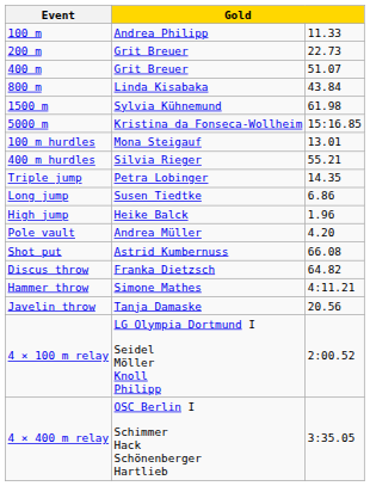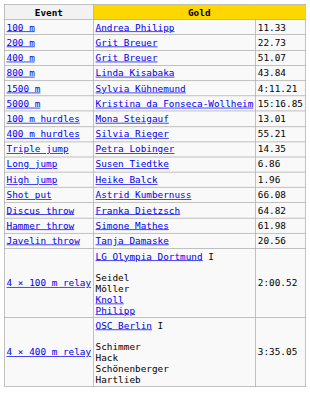 <table class="wikitable">
 <tr>
 <th>Event</th>
 <th style="background:gold;" colspan=2>Gold</th>
 </tr>
 <tr>
 <td><a href='#'>100 m</a></td>
 <td><a href='#'>Andrea Philipp</a></td>
 <td>11.33</td>
 </tr>
 <tr>
 <td><a href='#'>200 m</a></td>
 <td><a href='#'>Grit Breuer</a></td>
 <td>22.73 </td>
 </tr>
 <tr>
 <td><a href='#'>400 m</a></td>
 <td><a href='#'>Grit Breuer</a></td>
 <td>51.07</td>
 </tr>
 <tr>
 <td><a href='#'>800 m</a></td>
 <td><a href='#'>Linda Kisabaka</a></td>
 <td>43.84</td>
 </tr>
 <tr>
 <td><a href='#'>1500 m</a></td>
 <td><a href='#'>Sylvia Kühnemund</a></td>
-<td>61.98</td>
+<td>4:11.21</td>
 </tr>
 <tr>
 <td><a href='#'>5000 m</a></td>
 <td><a href='#'>Kristina da Fonseca-Wollheim</a></td>
 <td>15:16.85</td>
 </tr>
 <tr>
 <td><a href='#'>100 m hurdles</a></td>
 <td><a href='#'>Mona Steigauf</a></td>
 <td>13.01 </td>
 </tr>
 <tr>
 <td><a href='#'>400 m hurdles</a></td>
 <td><a href='#'>Silvia Rieger</a></td>
 <td>55.21</td>
 </tr>
 <tr>
 <td><a href='#'>Triple jump</a></td>
 <td><a href='#'>Petra Lobinger</a></td>
 <td>14.35 </td>
 </tr>
 <tr>
 <td><a href='#'>Long jump</a></td>
 <td><a href='#'>Susen Tiedtke</a></td>
 <td>6.86 </td>
 </tr>
 <tr>
 <td><a href='#'>High jump</a></td>
 <td><a href='#'>Heike Balck</a></td>
 <td>1.96</td>
 </tr>
 <tr>
-<td><a href='#'>Pole vault</a></td>
-<td><a href='#'>Andrea Müller</a></td>
-<td>4.20 </td>
-</tr>
-<tr>
 <td><a href='#'>Shot put</a></td>
 <td><a href='#'>Astrid Kumbernuss</a></td>
 <td>66.08</td>
 </tr>
 <tr>
 <td><a href='#'>Discus throw</a></td>
 <td><a href='#'>Franka Dietzsch</a></td>
 <td>64.82</td>
 </tr>
 <tr>
 <td><a href='#'>Hammer throw</a></td>
 <td><a href='#'>Simone Mathes</a></td>
-<td>4:11.21</td>
+<td>61.98</td>
 </tr>
 <tr>
 <td><a href='#'>Javelin throw</a></td>
 <td><a href='#'>Tanja Damaske</a></td>
 <td>20.56</td>
 </tr>
 <tr>
 <td><a href='#'>4 × 100 m relay</a></td>
 <td><a href='#'>LG Olympia Dortmund</a> I <br><br>Seidel <br> Möller <br> <a href='#'>Knoll</a> <br> <a href='#'>Philipp</a></td>
 <td>2:00.52</td>
 </tr>
 <tr>
 <td><a href='#'>4 × 400 m relay</a></td>
 <td><a href='#'>OSC Berlin</a> I <br><br>Schimmer <br> Hack <br> Schönenberger <br> Hartlieb</td>
 <td>3:35.05</td>
 </tr>
 </table>
